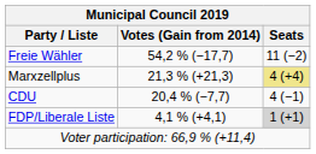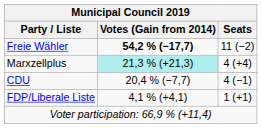 <table class="wikitable">
 <tr style="background:#E3E3E3">
 <th colspan="5">Municipal Council 2019</th>
 </tr>
 <tr style="background:#E3E3E3" align="center">
 <th align="left">Party / Liste</th>
 <th>Votes (Gain from 2014)</th>
 <th>Seats</th>
 </tr>
 <tr align="center">
 <td align="left"><a href='#'>Freie Wähler</a></td>
-<td>54,2 % (−17,7)</td>
+<td><strong>54,2 % (−17,7)</strong></td>
 <td>11 (−2)</td>
 </tr>
 <tr align="center">
 <td align="left">Marxzellplus</td>
-<td>21,3 % (+21,3)</td>
-<td style="background: khaki;">4 (+4)</td>
+<td style="background: paleturquoise;">21,3 % (+21,3)</td>
+<td>4 (+4)</td>
 </tr>
 <tr align="center">
 <td align="left"><a href='#'>CDU</a></td>
 <td>20,4 % (−7,7)</td>
 <td>4 (−1)</td>
 </tr>
 <tr align="center">
 <td align="left"><a href='#'>FDP/Liberale Liste</a></td>
 <td>4,1 % (+4,1)</td>
-<td style="background: lightgrey;">1 (+1)</td>
+<td>1 (+1)</td>
 </tr>
 <tr align="center">
 <td colspan="5"><em>Voter participation: 66,9 % (+11,4)</em></td>
 </tr>
 </table>
